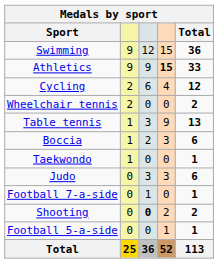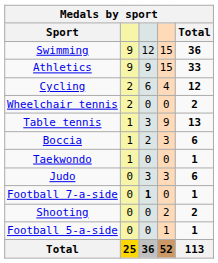 <table class="wikitable" style=font-size:85%;float:right;text-align:center>
 <tr>
 <th colspan=5>Medals by sport</th>
 </tr>
 <tr>
 <th>Sport</th>
 <td bgcolor=F7F6A8></td>
 <td bgcolor=DCE5E5></td>
 <td bgcolor=FFDAB9></td>
 <th>Total</th>
 </tr>
 <tr>
 <td><a href='#'>Swimming</a></td>
 <td bgcolor=F7F6A8>9</td>
 <td bgcolor=DCE5E5>12</td>
 <td bgcolor=FFDAB9>15</td>
 <td><strong>36</strong></td>
 </tr>
 <tr>
 <td><a href='#'>Athletics</a></td>
 <td bgcolor=F7F6A8>9</td>
 <td bgcolor=DCE5E5>9</td>
-<td bgcolor=FFDAB9><strong>15</strong></td>
+<td bgcolor=FFDAB9>15</td>
 <td><strong>33</strong></td>
 </tr>
 <tr>
 <td><a href='#'>Cycling</a></td>
 <td bgcolor=F7F6A8>2</td>
 <td bgcolor=DCE5E5>6</td>
 <td bgcolor=FFDAB9>4</td>
 <td><strong>12</strong></td>
 </tr>
 <tr>
 <td nowrap><a href='#'>Wheelchair tennis</a></td>
 <td bgcolor=F7F6A8>2</td>
 <td bgcolor=DCE5E5>0</td>
 <td bgcolor=FFDAB9>0</td>
 <td><strong>2</strong></td>
 </tr>
 <tr>
 <td><a href='#'>Table tennis</a></td>
 <td bgcolor=F7F6A8>1</td>
 <td bgcolor=DCE5E5>3</td>
 <td bgcolor=FFDAB9>9</td>
 <td><strong>13</strong></td>
 </tr>
 <tr>
 <td><a href='#'>Boccia</a></td>
 <td bgcolor=F7F6A8>1</td>
 <td bgcolor=DCE5E5>2</td>
 <td bgcolor=FFDAB9>3</td>
 <td><strong>6</strong></td>
 </tr>
 <tr>
 <td><a href='#'>Taekwondo</a></td>
 <td bgcolor=F7F6A8>1</td>
 <td bgcolor=DCE5E5>0</td>
 <td bgcolor=FFDAB9>0</td>
 <td><strong>1</strong></td>
 </tr>
 <tr>
 <td><a href='#'>Judo</a></td>
 <td bgcolor=F7F6A8>0</td>
 <td bgcolor=DCE5E5>3</td>
 <td bgcolor=FFDAB9>3</td>
 <td><strong>6</strong></td>
 </tr>
 <tr>
 <td><a href='#'>Football 7-a-side</a></td>
 <td bgcolor=F7F6A8>0</td>
-<td bgcolor=DCE5E5>1</td>
+<td bgcolor=DCE5E5><strong>1</strong></td>
 <td bgcolor=FFDAB9>0</td>
 <td><strong>1</strong></td>
 </tr>
 <tr>
 <td><a href='#'>Shooting</a></td>
 <td bgcolor=F7F6A8>0</td>
-<td bgcolor=DCE5E5><strong>0</strong></td>
+<td bgcolor=DCE5E5>0</td>
 <td bgcolor=FFDAB9>2</td>
 <td><strong>2</strong></td>
 </tr>
 <tr>
 <td><a href='#'>Football 5-a-side</a></td>
 <td bgcolor=F7F6A8>0</td>
 <td bgcolor=DCE5E5>0</td>
 <td bgcolor=FFDAB9>1</td>
 <td><strong>1</strong></td>
 </tr>
 <tr>
 <th>Total</th>
 <th style=background:gold>25</th>
 <th style=background:silver>36</th>
 <th style=background:#c96>52</th>
 <th>113</th>
 </tr>
 </table>
